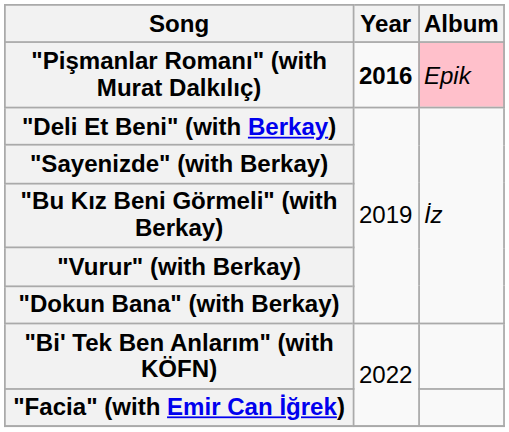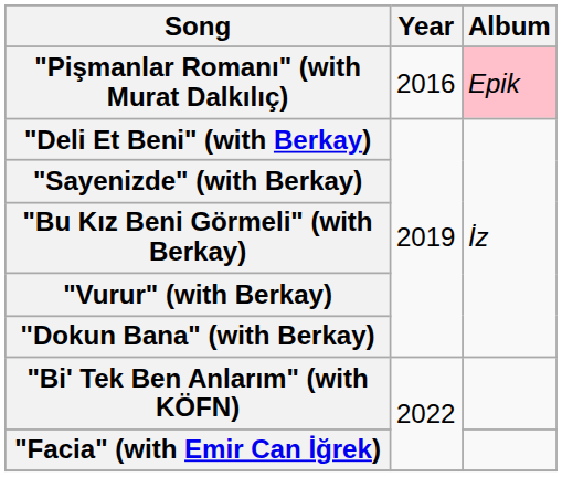 <table class="wikitable plainrowheaders" style="font-size: 85%;">
 <tr>
 <th scope="col" style="width:14em;">Song</th>
 <th scope="col">Year</th>
 <th scope="col">Album</th>
 </tr>
 <tr>
 <th scope="row">"Pişmanlar Romanı" (with Murat Dalkılıç)</th>
-<td><strong>2016</strong></td>
+<td>2016</td>
 <td style="background: pink;"><em>Epik</em></td>
 </tr>
 <tr>
 <th scope="row">"Deli Et Beni" (with <a href='#'>Berkay</a>)</th>
 <td rowspan="5">2019</td>
 <td rowspan="5"><em>İz</em></td>
 </tr>
 <tr>
 <th scope="row">"Sayenizde" (with Berkay)</th>
 </tr>
 <tr>
 <th scope="row">"Bu Kız Beni Görmeli" (with Berkay)</th>
 </tr>
 <tr>
 <th scope="row">"Vurur" (with Berkay)</th>
 </tr>
 <tr>
 <th scope="row">"Dokun Bana" (with Berkay)</th>
 </tr>
 <tr>
 <th scope="row">"Bi' Tek Ben Anlarım" (with KÖFN)</th>
 <td rowspan="2">2022</td>
 <td><em></em></td>
 </tr>
 <tr>
 <th scope="row">"Facia" (with <a href='#'>Emir Can İğrek</a>)</th>
 <td><em></em></td>
 </tr>
 <tr>
 </tr>
 </table>
